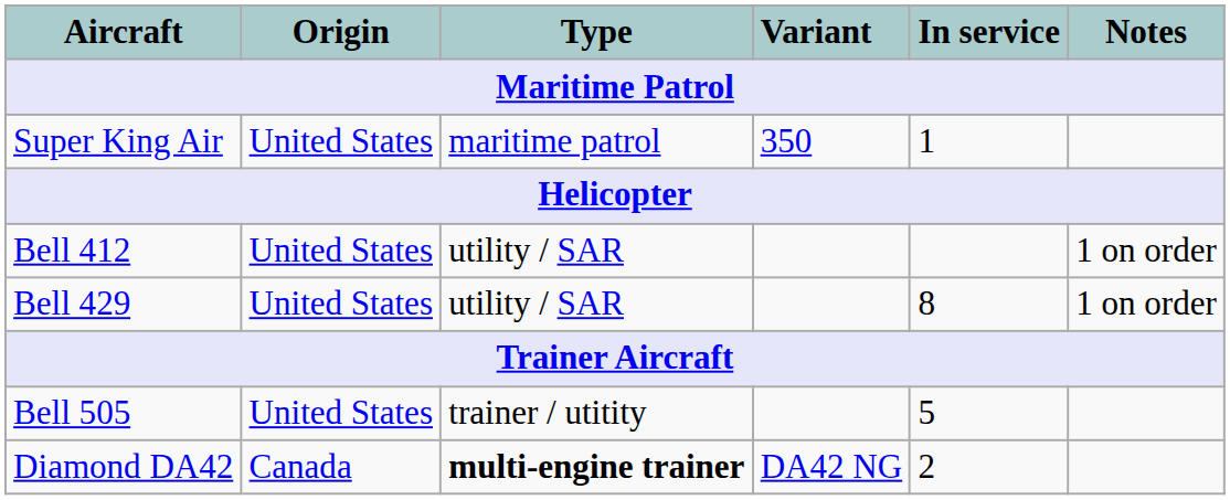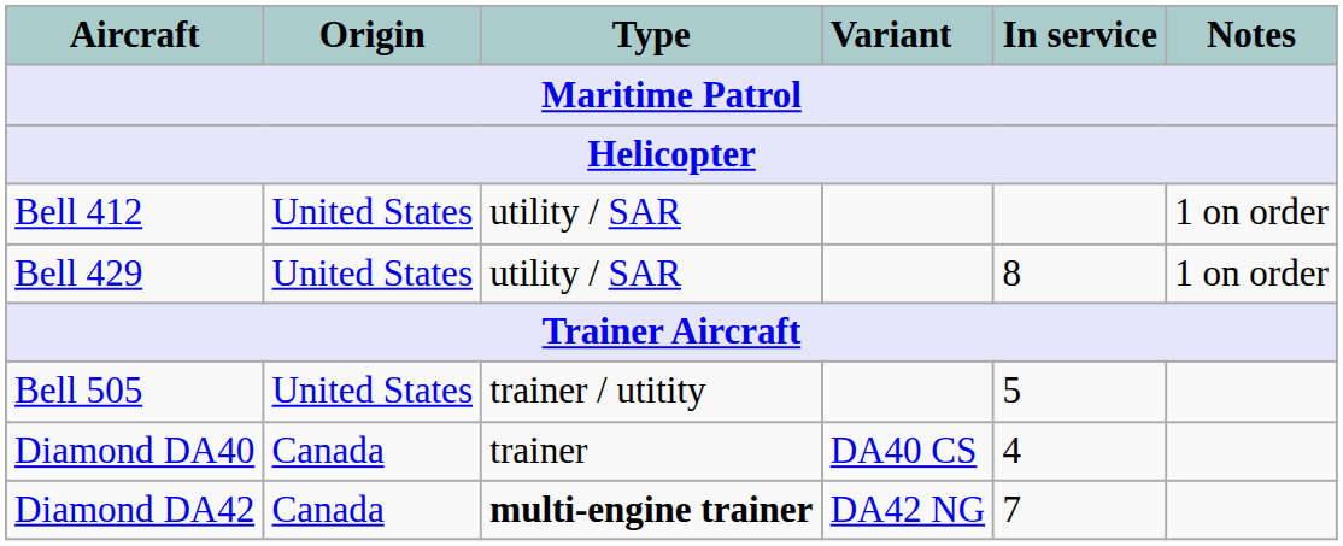 <table class="wikitable">
 <tr>
 <th style="text-align:center; background:#acc;">Aircraft</th>
 <th style="text-align: center; background:#acc;">Origin</th>
 <th style="text-align:l center; background:#acc;">Type</th>
 <th style="text-align:left; background:#acc;">Variant</th>
 <th style="text-align:center; background:#acc;">In service</th>
 <th style="text-align: center; background:#acc;">Notes</th>
 </tr>
 <tr>
 <th style="align: center; background: lavender;" colspan="6"><a href='#'>Maritime Patrol</a></th>
-</tr>
-<tr>
-<td><a href='#'>Super King Air</a></td>
-<td><a href='#'>United States</a></td>
-<td><a href='#'>maritime patrol</a></td>
-<td><a href='#'>350</a></td>
-<td>1</td>
-<td></td>
 </tr>
 <tr>
 <th style="align: center; background: lavender;" colspan="6"><a href='#'>Helicopter</a></th>
 </tr>
 <tr>
 <td><a href='#'>Bell 412</a></td>
 <td><a href='#'>United States</a></td>
 <td>utility / <a href='#'>SAR</a></td>
 <td></td>
 <td></td>
 <td>1 on order</td>
 </tr>
 <tr>
 <td><a href='#'>Bell 429</a></td>
 <td><a href='#'>United States</a></td>
 <td>utility / <a href='#'>SAR</a></td>
 <td></td>
 <td>8</td>
 <td>1 on order</td>
 </tr>
 <tr>
 <th style="align: center; background: lavender;" colspan="6"><a href='#'>Trainer Aircraft</a></th>
 </tr>
 <tr>
 <td><a href='#'>Bell 505</a></td>
 <td><a href='#'>United States</a></td>
 <td>trainer / utitity</td>
 <td></td>
 <td>5</td>
 <td></td>
 </tr>
 <tr>
+<td><a href='#'>Diamond DA40</a></td>
+<td><a href='#'>Canada</a></td>
+<td>trainer</td>
+<td><a href='#'>DA40 CS</a></td>
+<td>4</td>
+<td></td>
+</tr>
+<tr>
 <td><a href='#'>Diamond DA42</a></td>
 <td><a href='#'>Canada</a></td>
 <td><strong>multi-engine trainer</strong></td>
 <td><a href='#'>DA42 NG</a></td>
-<td>2</td>
+<td>7</td>
 <td></td>
 </tr>
 </table>
